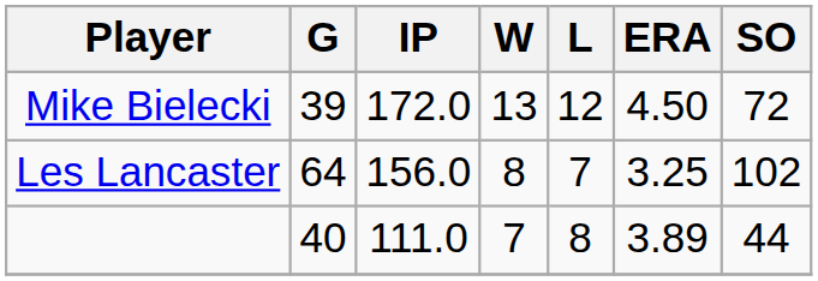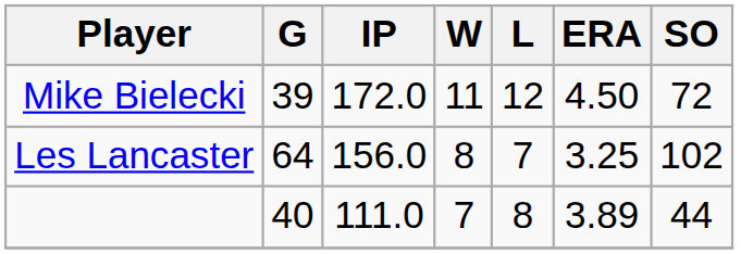 <table class="wikitable sortable" style="text-align:center">
 <tr>
 <th>Player</th>
 <th>G</th>
 <th>IP</th>
 <th>W</th>
 <th>L</th>
 <th>ERA</th>
 <th>SO</th>
 </tr>
 <tr>
 <td><a href='#'>Mike Bielecki</a></td>
 <td>39</td>
 <td>172.0</td>
-<td>13</td>
+<td>11</td>
 <td>12</td>
 <td>4.50</td>
 <td>72</td>
 </tr>
 <tr>
 <td><a href='#'>Les Lancaster</a></td>
 <td>64</td>
 <td>156.0</td>
 <td>8</td>
 <td>7</td>
 <td>3.25</td>
 <td>102</td>
 </tr>
 <tr>
 <td></td>
 <td>40</td>
 <td>111.0</td>
 <td>7</td>
 <td>8</td>
 <td>3.89</td>
 <td>44</td>
 </tr>
 <tr>
 </tr>
 </table>
